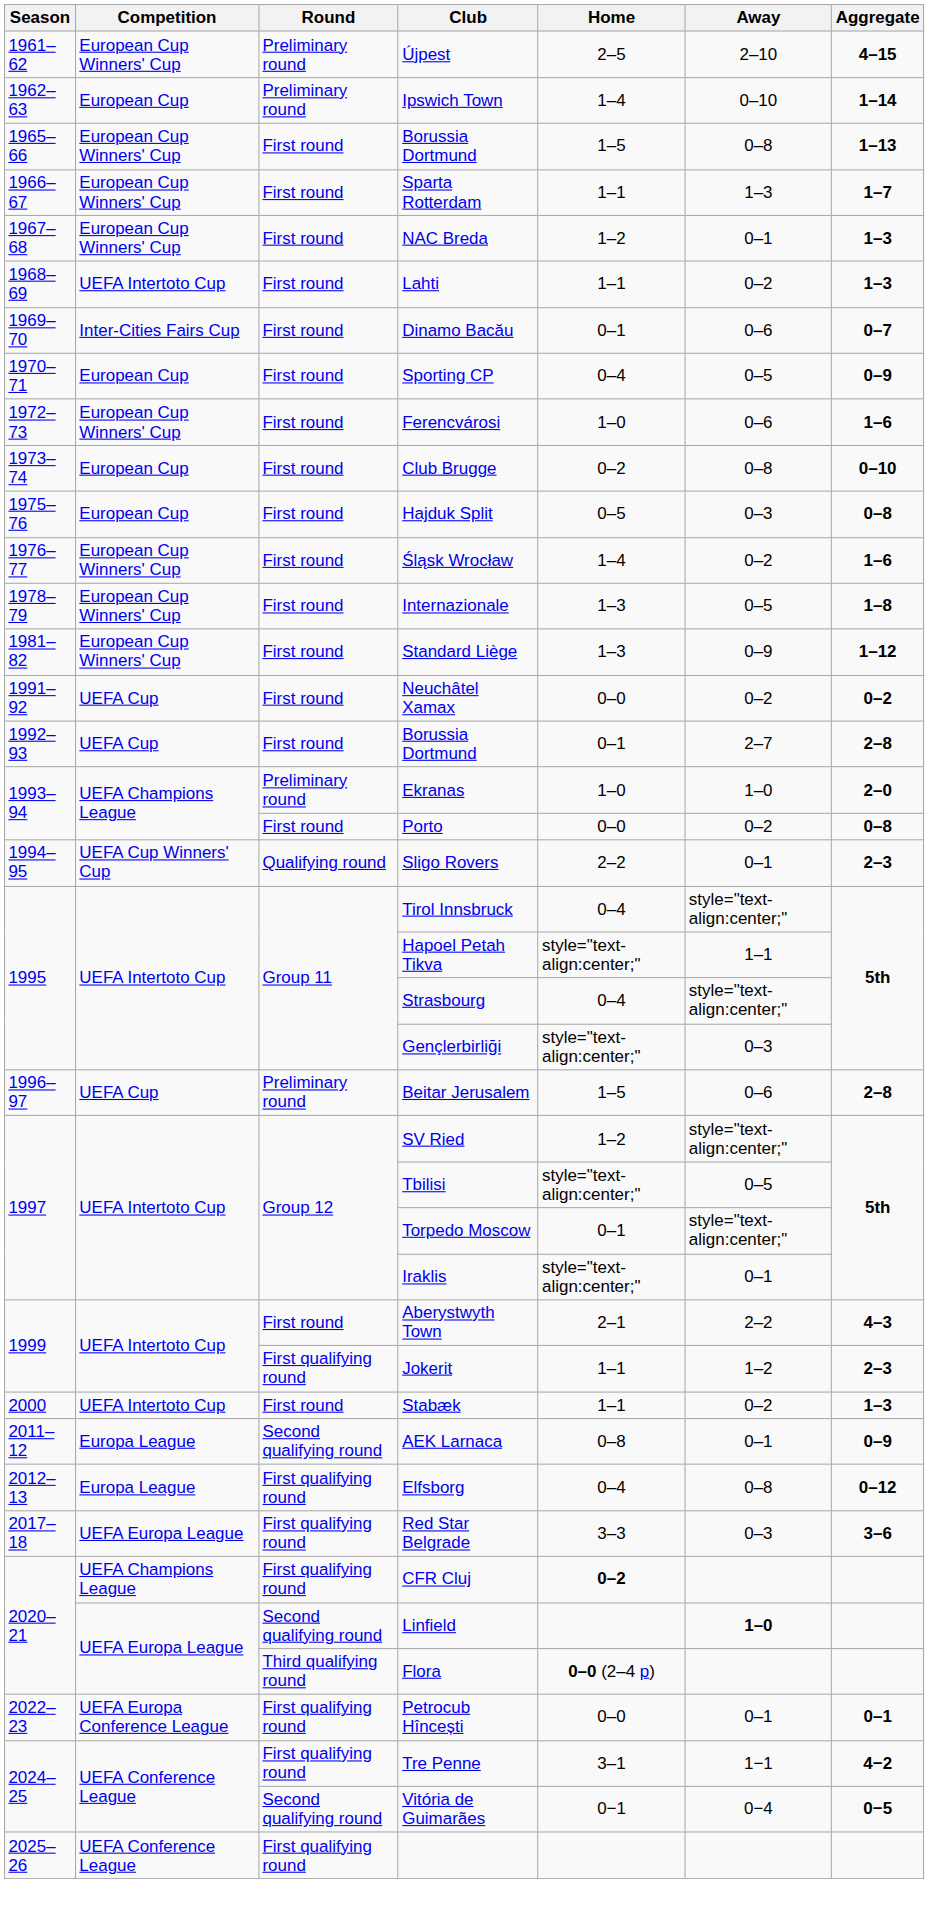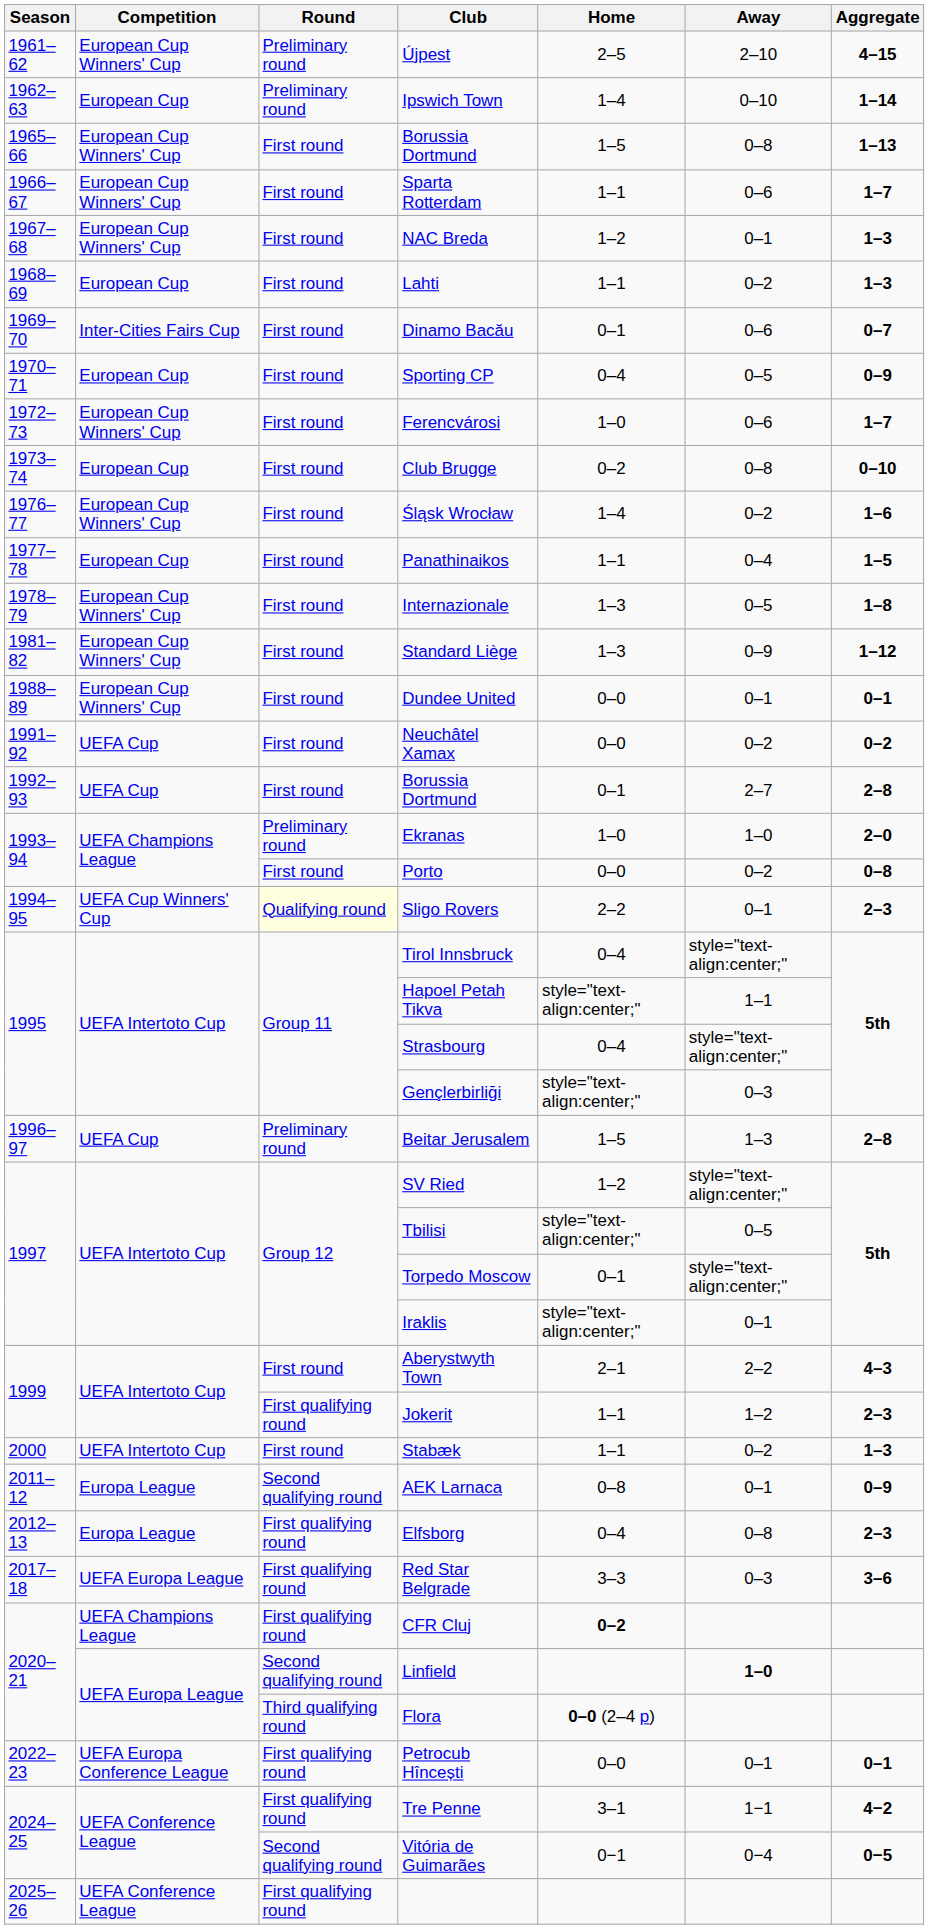 <table class="wikitable">
 <tr>
 <th>Season</th>
 <th>Competition</th>
 <th>Round</th>
 <th>Club</th>
 <th>Home</th>
 <th>Away</th>
 <th>Aggregate</th>
 </tr>
 <tr>
 <td><a href='#'>1961–62</a></td>
 <td><a href='#'>European Cup Winners' Cup</a></td>
 <td><a href='#'>Preliminary round</a></td>
 <td> <a href='#'>Újpest</a></td>
 <td style="text-align:center;">2–5</td>
 <td style="text-align:center;">2–10</td>
 <td style="text-align:center;"><strong>4–15</strong></td>
 </tr>
 <tr>
 <td><a href='#'>1962–63</a></td>
 <td><a href='#'>European Cup</a></td>
 <td><a href='#'>Preliminary round</a></td>
 <td> <a href='#'>Ipswich Town</a></td>
 <td style="text-align:center;">1–4</td>
 <td style="text-align:center;">0–10</td>
 <td style="text-align:center;"><strong>1–14</strong></td>
 </tr>
 <tr>
 <td><a href='#'>1965–66</a></td>
 <td><a href='#'>European Cup Winners' Cup</a></td>
 <td><a href='#'>First round</a></td>
 <td> <a href='#'>Borussia Dortmund</a></td>
 <td style="text-align:center;">1–5</td>
 <td style="text-align:center;">0–8</td>
 <td style="text-align:center;"><strong>1–13</strong></td>
 </tr>
 <tr>
 <td><a href='#'>1966–67</a></td>
 <td><a href='#'>European Cup Winners' Cup</a></td>
 <td><a href='#'>First round</a></td>
 <td> <a href='#'>Sparta Rotterdam</a></td>
 <td style="text-align:center;">1–1</td>
-<td style="text-align:center;">1–3</td>
+<td style="text-align:center;">0–6</td>
 <td style="text-align:center;"><strong>1–7</strong></td>
 </tr>
 <tr>
 <td><a href='#'>1967–68</a></td>
 <td><a href='#'>European Cup Winners' Cup</a></td>
 <td><a href='#'>First round</a></td>
 <td> <a href='#'>NAC Breda</a></td>
 <td style="text-align:center;">1–2</td>
 <td style="text-align:center;">0–1</td>
 <td style="text-align:center;"><strong>1–3</strong></td>
 </tr>
 <tr>
 <td><a href='#'>1968–69</a></td>
-<td><a href='#'>UEFA Intertoto Cup</a></td>
+<td><a href='#'>European Cup</a></td>
 <td><a href='#'>First round</a></td>
 <td> <a href='#'>Lahti</a></td>
 <td style="text-align:center;">1–1</td>
 <td style="text-align:center;">0–2</td>
 <td style="text-align:center;"><strong>1–3</strong></td>
 </tr>
 <tr>
 <td><a href='#'>1969–70</a></td>
 <td><a href='#'>Inter-Cities Fairs Cup</a></td>
 <td><a href='#'>First round</a></td>
 <td> <a href='#'>Dinamo Bacău</a></td>
 <td style="text-align:center;">0–1</td>
 <td style="text-align:center;">0–6</td>
 <td style="text-align:center;"><strong>0–7</strong></td>
 </tr>
 <tr>
 <td><a href='#'>1970–71</a></td>
 <td><a href='#'>European Cup</a></td>
 <td><a href='#'>First round</a></td>
 <td> <a href='#'>Sporting CP</a></td>
 <td style="text-align:center;">0–4</td>
 <td style="text-align:center;">0–5</td>
 <td style="text-align:center;"><strong>0–9</strong></td>
 </tr>
 <tr>
 <td><a href='#'>1972–73</a></td>
 <td><a href='#'>European Cup Winners' Cup</a></td>
 <td><a href='#'>First round</a></td>
 <td> <a href='#'>Ferencvárosi</a></td>
 <td style="text-align:center;">1–0</td>
 <td style="text-align:center;">0–6</td>
-<td style="text-align:center;"><strong>1–6</strong></td>
+<td style="text-align:center;"><strong>1–7</strong></td>
 </tr>
 <tr>
 <td><a href='#'>1973–74</a></td>
 <td><a href='#'>European Cup</a></td>
 <td><a href='#'>First round</a></td>
 <td> <a href='#'>Club Brugge</a></td>
 <td style="text-align:center;">0–2</td>
 <td style="text-align:center;">0–8</td>
 <td style="text-align:center;"><strong>0–10</strong></td>
 </tr>
 <tr>
-<td><a href='#'>1975–76</a></td>
-<td><a href='#'>European Cup</a></td>
-<td><a href='#'>First round</a></td>
-<td> <a href='#'>Hajduk Split</a></td>
-<td style="text-align:center;">0–5</td>
-<td style="text-align:center;">0–3</td>
-<td style="text-align:center;"><strong>0–8</strong></td>
-</tr>
-<tr>
 <td><a href='#'>1976–77</a></td>
 <td><a href='#'>European Cup Winners' Cup</a></td>
 <td><a href='#'>First round</a></td>
 <td> <a href='#'>Śląsk Wrocław</a></td>
 <td style="text-align:center;">1–4</td>
 <td style="text-align:center;">0–2</td>
 <td style="text-align:center;"><strong>1–6</strong></td>
+</tr>
+<tr>
+<td><a href='#'>1977–78</a></td>
+<td><a href='#'>European Cup</a></td>
+<td><a href='#'>First round</a></td>
+<td> <a href='#'>Panathinaikos</a></td>
+<td style="text-align:center;">1–1</td>
+<td style="text-align:center;">0–4</td>
+<td style="text-align:center;"><strong>1–5</strong></td>
 </tr>
 <tr>
 <td><a href='#'>1978–79</a></td>
 <td><a href='#'>European Cup Winners' Cup</a></td>
 <td><a href='#'>First round</a></td>
 <td> <a href='#'>Internazionale</a></td>
 <td style="text-align:center;">1–3</td>
 <td style="text-align:center;">0–5</td>
 <td style="text-align:center;"><strong>1–8</strong></td>
 </tr>
 <tr>
 <td><a href='#'>1981–82</a></td>
 <td><a href='#'>European Cup Winners' Cup</a></td>
 <td><a href='#'>First round</a></td>
 <td> <a href='#'>Standard Liège</a></td>
 <td style="text-align:center;">1–3</td>
 <td style="text-align:center;">0–9</td>
 <td style="text-align:center;"><strong>1–12</strong></td>
+</tr>
+<tr>
+<td><a href='#'>1988–89</a></td>
+<td><a href='#'>European Cup Winners' Cup</a></td>
+<td><a href='#'>First round</a></td>
+<td> <a href='#'>Dundee United</a></td>
+<td style="text-align:center;">0–0</td>
+<td style="text-align:center;">0–1</td>
+<td style="text-align:center;"><strong>0–1</strong></td>
 </tr>
 <tr>
 <td><a href='#'>1991–92</a></td>
 <td><a href='#'>UEFA Cup</a></td>
 <td><a href='#'>First round</a></td>
 <td> <a href='#'>Neuchâtel Xamax</a></td>
 <td style="text-align:center;">0–0</td>
 <td style="text-align:center;">0–2</td>
 <td style="text-align:center;"><strong>0–2</strong></td>
 </tr>
 <tr>
 <td><a href='#'>1992–93</a></td>
 <td><a href='#'>UEFA Cup</a></td>
 <td><a href='#'>First round</a></td>
 <td> <a href='#'>Borussia Dortmund</a></td>
 <td style="text-align:center;">0–1</td>
 <td style="text-align:center;">2–7</td>
 <td style="text-align:center;"><strong>2–8</strong></td>
 </tr>
 <tr>
 <td rowspan="2"><a href='#'>1993–94</a></td>
 <td rowspan="2"><a href='#'>UEFA Champions League</a></td>
 <td><a href='#'>Preliminary round</a></td>
 <td> <a href='#'>Ekranas</a></td>
 <td style="text-align:center;">1–0</td>
 <td style="text-align:center;">1–0</td>
 <td style="text-align:center;"><strong>2–0</strong></td>
 </tr>
 <tr>
 <td><a href='#'>First round</a></td>
 <td> <a href='#'>Porto</a></td>
 <td style="text-align:center;">0–0</td>
 <td style="text-align:center;">0–2</td>
 <td style="text-align:center;"><strong>0–8</strong></td>
 </tr>
 <tr>
 <td><a href='#'>1994–95</a></td>
 <td><a href='#'>UEFA Cup Winners' Cup</a></td>
-<td><a href='#'>Qualifying round</a></td>
+<td style="background: lightyellow;"><a href='#'>Qualifying round</a></td>
 <td> <a href='#'>Sligo Rovers</a></td>
 <td style="text-align:center;">2–2</td>
 <td style="text-align:center;">0–1</td>
 <td style="text-align:center;"><strong>2–3</strong></td>
 </tr>
 <tr>
 <td rowspan="4"><a href='#'>1995</a></td>
 <td rowspan="4"><a href='#'>UEFA Intertoto Cup</a></td>
 <td rowspan="4"><a href='#'>Group 11</a></td>
 <td> <a href='#'>Tirol Innsbruck</a></td>
 <td style="text-align:center;">0–4</td>
 <td>style="text-align:center;" </td>
 <td rowspan="4" style="text-align:center;"><strong>5th</strong></td>
 </tr>
 <tr>
 <td> <a href='#'>Hapoel Petah Tikva</a></td>
 <td>style="text-align:center;" </td>
 <td style="text-align:center;">1–1</td>
 </tr>
 <tr>
 <td> <a href='#'>Strasbourg</a></td>
 <td style="text-align:center;">0–4</td>
 <td>style="text-align:center;" </td>
 </tr>
 <tr>
 <td> <a href='#'>Gençlerbirliği</a></td>
 <td>style="text-align:center;" </td>
 <td style="text-align:center;">0–3</td>
 </tr>
 <tr>
 <td><a href='#'>1996–97</a></td>
 <td><a href='#'>UEFA Cup</a></td>
 <td><a href='#'>Preliminary round</a></td>
 <td> <a href='#'>Beitar Jerusalem</a></td>
 <td style="text-align:center;">1–5</td>
-<td style="text-align:center;">0–6</td>
+<td style="text-align:center;">1–3</td>
 <td style="text-align:center;"><strong>2–8</strong></td>
 </tr>
 <tr>
 <td rowspan="4"><a href='#'>1997</a></td>
 <td rowspan="4"><a href='#'>UEFA Intertoto Cup</a></td>
 <td rowspan="4"><a href='#'>Group 12</a></td>
 <td> <a href='#'>SV Ried</a></td>
 <td style="text-align:center;">1–2</td>
 <td>style="text-align:center;" </td>
 <td rowspan="4" style="text-align:center;"><strong>5th</strong></td>
 </tr>
 <tr>
 <td> <a href='#'>Tbilisi</a></td>
 <td>style="text-align:center;" </td>
 <td style="text-align:center;">0–5</td>
 </tr>
 <tr>
 <td> <a href='#'>Torpedo Moscow</a></td>
 <td style="text-align:center;">0–1</td>
 <td>style="text-align:center;" </td>
 </tr>
 <tr>
 <td> <a href='#'>Iraklis</a></td>
 <td>style="text-align:center;" </td>
 <td style="text-align:center;">0–1</td>
 </tr>
 <tr>
 <td rowspan="2"><a href='#'>1999</a></td>
 <td rowspan="2"><a href='#'>UEFA Intertoto Cup</a></td>
 <td><a href='#'>First round</a></td>
 <td> <a href='#'>Aberystwyth Town</a></td>
 <td style="text-align:center;">2–1</td>
 <td style="text-align:center;">2–2</td>
 <td style="text-align:center;"><strong>4–3</strong></td>
 </tr>
 <tr>
 <td><a href='#'>First qualifying round</a></td>
 <td> <a href='#'>Jokerit</a></td>
 <td style="text-align:center;">1–1</td>
 <td style="text-align:center;">1–2</td>
 <td style="text-align:center;"><strong>2–3</strong></td>
 </tr>
 <tr>
 <td><a href='#'>2000</a></td>
 <td><a href='#'>UEFA Intertoto Cup</a></td>
 <td><a href='#'>First round</a></td>
 <td> <a href='#'>Stabæk</a></td>
 <td style="text-align:center;">1–1</td>
 <td style="text-align:center;">0–2</td>
 <td style="text-align:center;"><strong>1–3</strong></td>
 </tr>
 <tr>
 <td><a href='#'>2011–12</a></td>
 <td><a href='#'>Europa League</a></td>
 <td><a href='#'>Second qualifying round</a></td>
 <td> <a href='#'>AEK Larnaca</a></td>
 <td style="text-align:center;">0–8</td>
 <td style="text-align:center;">0–1</td>
 <td style="text-align:center;"><strong>0–9</strong></td>
 </tr>
 <tr>
 <td><a href='#'>2012–13</a></td>
 <td><a href='#'>Europa League</a></td>
 <td><a href='#'>First qualifying round</a></td>
 <td> <a href='#'>Elfsborg</a></td>
 <td style="text-align:center;">0–4</td>
 <td style="text-align:center;">0–8</td>
-<td style="text-align:center;"><strong>0–12</strong></td>
+<td style="text-align:center;"><strong>2–3</strong></td>
 </tr>
 <tr>
 <td><a href='#'>2017–18</a></td>
 <td><a href='#'>UEFA Europa League</a></td>
 <td><a href='#'>First qualifying round</a></td>
 <td> <a href='#'>Red Star Belgrade</a></td>
 <td style="text-align:center;">3–3</td>
 <td style="text-align:center;">0–3</td>
 <td style="text-align:center;"><strong>3–6</strong></td>
 </tr>
 <tr>
 <td rowspan="3"><a href='#'>2020–21</a></td>
 <td><a href='#'>UEFA Champions League</a></td>
 <td><a href='#'>First qualifying round</a></td>
 <td> <a href='#'>CFR Cluj</a></td>
 <td style="text-align:center;"><strong>0–2</strong></td>
 <td></td>
 <td></td>
 </tr>
 <tr>
 <td rowspan="2"><a href='#'>UEFA Europa League</a></td>
 <td><a href='#'>Second qualifying round</a></td>
 <td> <a href='#'>Linfield</a></td>
 <td></td>
 <td style="text-align:center;"><strong>1–0</strong></td>
 <td></td>
 </tr>
 <tr>
 <td><a href='#'>Third qualifying round</a></td>
 <td> <a href='#'>Flora</a></td>
 <td style="text-align:center;"><strong>0–0</strong> (2–4 <a href='#'>p</a>)</td>
 <td></td>
 <td></td>
 </tr>
 <tr>
 <td><a href='#'>2022–23</a></td>
 <td><a href='#'>UEFA Europa Conference League</a></td>
 <td><a href='#'>First qualifying round</a></td>
 <td> <a href='#'>Petrocub Hîncești</a></td>
 <td style="text-align:center;">0–0</td>
 <td style="text-align:center;">0–1</td>
 <td style="text-align:center;"><strong>0–1</strong></td>
 </tr>
 <tr>
 <td rowspan="2"><a href='#'>2024–25</a></td>
 <td rowspan="2"><a href='#'>UEFA Conference League</a></td>
 <td><a href='#'>First qualifying round</a></td>
 <td> <a href='#'>Tre Penne</a></td>
 <td style="text-align:center;">3–1</td>
 <td style="text-align:center;">1−1</td>
 <td style="text-align:center;"><strong>4−2</strong></td>
 </tr>
 <tr>
 <td><a href='#'>Second qualifying round</a></td>
 <td> <a href='#'>Vitória de Guimarães</a></td>
 <td style="text-align:center;">0−1</td>
 <td style="text-align:center;">0−4</td>
 <td style="text-align:center;"><strong>0−5</strong></td>
 </tr>
 <tr>
 <td><a href='#'>2025–26</a></td>
 <td><a href='#'>UEFA Conference League</a></td>
 <td><a href='#'>First qualifying round</a></td>
 <td></td>
 <td style="text-align:center;"></td>
 <td style="text-align:center;"></td>
 <td style="text-align:center;"></td>
 </tr>
 </table>
